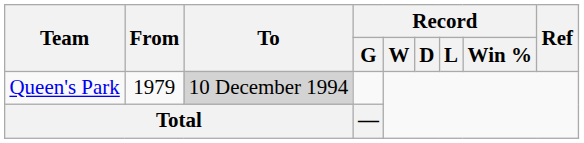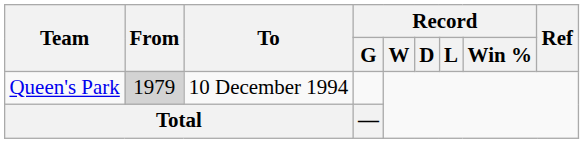 <table class="wikitable" style="text-align: center">
 <tr>
 <th rowspan="2">Team</th>
 <th rowspan="2">From</th>
 <th rowspan="2">To</th>
 <th colspan="5">Record</th>
 <th rowspan="2">Ref</th>
 </tr>
 <tr>
 <th>G</th>
 <th>W</th>
 <th>D</th>
 <th>L</th>
 <th>Win %</th>
 </tr>
 <tr>
 <td align="left"><a href='#'>Queen's Park</a></td>
-<td>1979</td>
-<td style="background: lightgrey;">10 December 1994<br></td>
+<td style="background: lightgrey;">1979</td>
+<td>10 December 1994<br></td>
 <td></td>
 </tr>
 <tr>
 <th colspan="3">Total<br></th>
 <th>—</th>
 </tr>
 </table>
